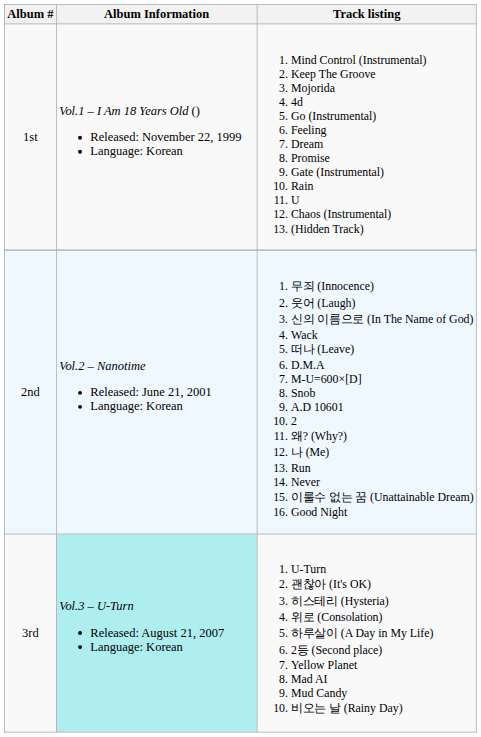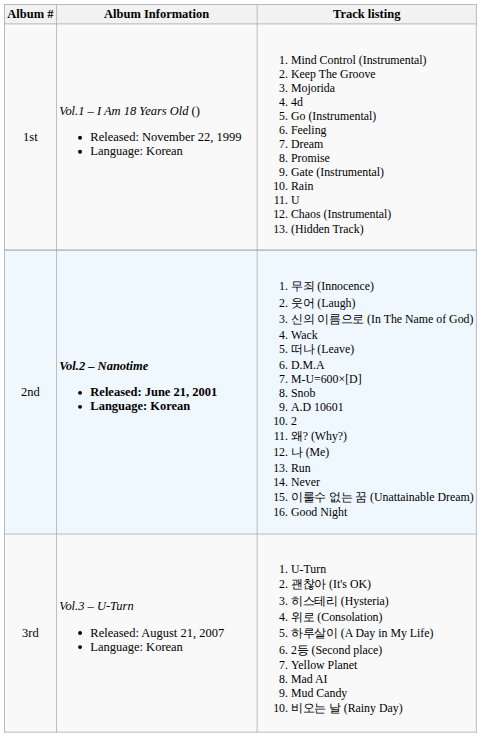 <table class="wikitable">
 <tr>
 <th align="left">Album #</th>
 <th align="center" width="250px">Album Information</th>
 <th align="left">Track listing</th>
 </tr>
 <tr>
 <td align="center">1st</td>
 <td align="left"><em>Vol.1 – I Am 18 Years Old</em> ()<br><ul><li>Released: November 22, 1999</li><li>Language: Korean</li></ul></td>
 <td align="left" style="font-size: 95%;"><br><ol><li>Mind Control (Instrumental)</li><li>Keep The Groove</li><li>Mojorida</li><li>4d</li><li>Go (Instrumental)</li><li>Feeling</li><li>Dream</li><li>Promise</li><li>Gate (Instrumental)</li><li>Rain</li><li>U</li><li>Chaos (Instrumental)</li><li>(Hidden Track)</li></ol></td>
 </tr>
 <tr>
 </tr>
 <tr bgcolor="#F0F8FF">
 <td align="center">2nd</td>
-<td align="left"><em>Vol.2 – Nanotime</em><br><ul><li>Released: June 21, 2001</li><li>Language: Korean</li></ul></td>
+<td align="left"><strong><em>Vol.2 – Nanotime</em><br><ul><li>Released: June 21, 2001</li><li>Language: Korean</li></ul></strong></td>
 <td align="left" style="font-size: 95%;"><br><ol><li>무죄 (Innocence)</li><li>웃어 (Laugh)</li><li>신의 이름으로 (In The Name of God)</li><li>Wack</li><li>떠나 (Leave)</li><li>D.M.A</li><li>M-U=600×[D]</li><li>Snob</li><li>A.D 10601</li><li>2</li><li>왜? (Why?)</li><li>나 (Me)</li><li>Run</li><li>Never</li><li>이룰수 없는 꿈 (Unattainable Dream)</li><li>Good Night</li></ol></td>
 </tr>
 <tr>
 <td align="center">3rd</td>
-<td align="left" style="background: paleturquoise;"><em>Vol.3 – U-Turn</em><br><ul><li>Released: August 21, 2007</li><li>Language: Korean</li></ul></td>
+<td align="left"><em>Vol.3 – U-Turn</em><br><ul><li>Released: August 21, 2007</li><li>Language: Korean</li></ul></td>
 <td align="left" style="font-size: 95%;"><br><ol><li>U-Turn</li><li>괜찮아 (It's OK)</li><li>히스테리 (Hysteria)</li><li>위로 (Consolation)</li><li>하루살이 (A Day in My Life)</li><li>2등 (Second place)</li><li>Yellow Planet</li><li>Mad AI</li><li>Mud Candy</li><li>비오는 날 (Rainy Day)</li></ol></td>
 </tr>
 </table>
